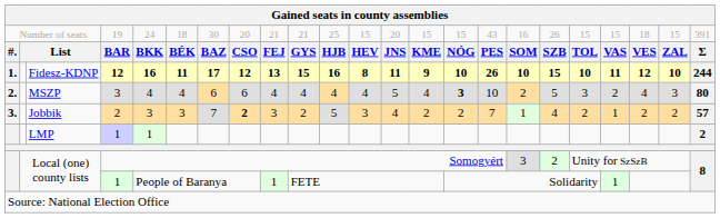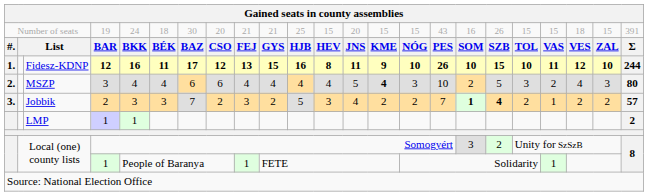 <table class="wikitable" style="font-size:smaller; text-align:center;">
 <tr>
 <th colspan=23>Gained seats in county assemblies</th>
 </tr>
 <tr style="font-size:smaller; color:darkgray;">
 <td colspan=3>Number of seats</td>
 <td>19</td>
 <td>24</td>
 <td>18</td>
 <td>30</td>
 <td>20</td>
 <td>21</td>
 <td>21</td>
 <td>25</td>
 <td>15</td>
 <td>20</td>
 <td>15</td>
 <td>15</td>
 <td>43</td>
 <td>16</td>
 <td>26</td>
 <td>15</td>
 <td>15</td>
 <td>18</td>
 <td>15</td>
 <td>391</td>
 </tr>
 <tr valign=top>
 <th valign=middle>#.</th>
 <th valign=middle colspan=2>List</th>
 <th><a href='#'>BAR</a><br></th>
 <th><a href='#'>BKK</a><br></th>
 <th><a href='#'>BÉK</a><br></th>
 <th><a href='#'>BAZ</a><br></th>
 <th><a href='#'>CSO</a><br></th>
 <th><a href='#'>FEJ</a><br></th>
 <th><a href='#'>GYS</a><br></th>
 <th><a href='#'>HJB</a><br></th>
 <th><a href='#'>HEV</a><br></th>
 <th><a href='#'>JNS</a><br></th>
 <th><a href='#'>KME</a><br></th>
 <th><a href='#'>NÓG</a><br></th>
 <th><a href='#'>PES</a><br></th>
 <th><a href='#'>SOM</a><br></th>
 <th><a href='#'>SZB</a><br></th>
 <th><a href='#'>TOL</a><br></th>
 <th><a href='#'>VAS</a><br></th>
 <th><a href='#'>VES</a><br></th>
 <th><a href='#'>ZAL</a><br></th>
 <th valign=middle>Σ</th>
 </tr>
 <tr>
 <th>1.</th>
 <td style="background-color:"></td>
 <td align=left><a href='#'>Fidesz-KDNP</a></td>
 <td bgcolor=ffffbf><strong>12</strong></td>
 <td bgcolor=ffffbf><strong>16</strong></td>
 <td bgcolor=ffffbf><strong>11</strong></td>
 <td bgcolor=ffffbf><strong>17</strong></td>
 <td bgcolor=ffffbf><strong>12</strong></td>
 <td bgcolor=ffffbf><strong>13</strong></td>
 <td bgcolor=ffffbf><strong>15</strong></td>
 <td bgcolor=ffffbf><strong>16</strong></td>
 <td bgcolor=ffffbf><strong>8</strong></td>
 <td bgcolor=ffffbf><strong>11</strong></td>
 <td bgcolor=ffffbf><strong>9</strong></td>
 <td bgcolor=ffffbf><strong>10</strong></td>
 <td bgcolor=ffffbf><strong>26</strong></td>
 <td bgcolor=ffffbf><strong>10</strong></td>
 <td bgcolor=ffffbf><strong>15</strong></td>
 <td bgcolor=ffffbf><strong>10</strong></td>
 <td bgcolor=ffffbf><strong>11</strong></td>
 <td bgcolor=ffffbf><strong>12</strong></td>
 <td bgcolor=ffffbf><strong>10</strong></td>
 <th>244</th>
 </tr>
 <tr>
 <th>2.</th>
 <td style="background-color:"></td>
 <td align=left><a href='#'>MSZP</a></td>
 <td bgcolor=dfdfdf>3</td>
 <td bgcolor=dfdfdf>4</td>
 <td bgcolor=dfdfdf>4</td>
 <td bgcolor=ffdf9f>6</td>
 <td bgcolor=dfdfdf>6</td>
 <td bgcolor=dfdfdf>4</td>
 <td bgcolor=dfdfdf>4</td>
 <td bgcolor=ffdf9f>4</td>
 <td bgcolor=dfdfdf>4</td>
 <td bgcolor=dfdfdf>5</td>
-<td bgcolor=dfdfdf>4</td>
-<td bgcolor=dfdfdf><strong>3</strong></td>
+<td bgcolor=dfdfdf><strong>4</strong></td>
+<td bgcolor=dfdfdf>3</td>
 <td bgcolor=dfdfdf>10</td>
 <td bgcolor=ffdf9f>2</td>
 <td bgcolor=dfdfdf>5</td>
 <td bgcolor=dfdfdf>3</td>
 <td bgcolor=dfdfdf>2</td>
 <td bgcolor=dfdfdf>4</td>
 <td bgcolor=dfdfdf>3</td>
 <th>80</th>
 </tr>
 <tr>
 <th>3.</th>
 <td style="background-color:"></td>
 <td align=left><a href='#'>Jobbik</a></td>
 <td bgcolor=ffdf9f>2</td>
 <td bgcolor=ffdf9f>3</td>
 <td bgcolor=ffdf9f>3</td>
 <td bgcolor=dfdfdf>7</td>
-<td bgcolor=ffdf9f><strong>2</strong></td>
+<td bgcolor=ffdf9f>2</td>
 <td bgcolor=ffdf9f>3</td>
 <td bgcolor=ffdf9f>2</td>
 <td bgcolor=dfdfdf>5</td>
 <td bgcolor=ffdf9f>3</td>
 <td bgcolor=ffdf9f>4</td>
 <td bgcolor=ffdf9f>2</td>
 <td bgcolor=ffdf9f>2</td>
 <td bgcolor=ffdf9f>7</td>
-<td bgcolor=dfffdf>1</td>
-<td bgcolor=ffdf9f>4</td>
+<td bgcolor=dfffdf><strong>1</strong></td>
+<td bgcolor=ffdf9f><strong>4</strong></td>
 <td bgcolor=ffdf9f>2</td>
 <td bgcolor=ffdf9f>1</td>
 <td bgcolor=ffdf9f>2</td>
 <td bgcolor=ffdf9f>2</td>
 <th>57</th>
 </tr>
 <tr>
 <th></th>
 <td style="background-color:"></td>
 <td align=left><a href='#'>LMP</a></td>
 <td bgcolor=cfcfff>1</td>
 <td bgcolor=dfffdf>1</td>
 <td></td>
 <td></td>
 <td></td>
 <td></td>
 <td></td>
 <td></td>
 <td></td>
 <td></td>
 <td></td>
 <td></td>
 <td></td>
 <td></td>
 <td></td>
 <td></td>
 <td></td>
 <td></td>
 <td></td>
 <th>2</th>
 </tr>
 <tr>
 <th colspan=23></th>
 </tr>
 <tr>
 <th rowspan=2></th>
 <td rowspan=2 colspan=2 align=center style="line-height:1.25em;">Local (one)<br>county lists</td>
 <td align=right colspan=13><a href='#'>Somogyért</a></td>
 <td bgcolor=dfdfdf>3</td>
 <td bgcolor=dfffdf>2</td>
 <td align=left style="line-height:1em;" colspan=4>Unity for<small> SzSzB</small></td>
 <th rowspan=2>8</th>
 </tr>
 <tr>
 <td bgcolor=dfffdf>1</td>
 <td colspan=4 align=left>People of Baranya</td>
 <td bgcolor=dfffdf>1</td>
 <td colspan=5 align=left>FETE</td>
 <td colspan=5 align=right>Solidarity</td>
 <td bgcolor=dfffdf>1</td>
 <td colspan=2></td>
 </tr>
 <tr>
 <td colspan=23 align=left>Source: National Election Office</td>
 </tr>
 </table>
